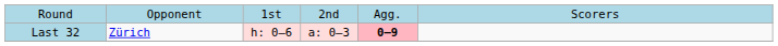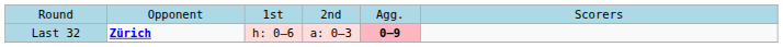 <table class="wikitable" style="text-align:center">
 <tr bgcolor=lightblue>
 <td width=150px>Round</td>
 <td width=200px>Opponent</td>
 <td width=80px>1st</td>
 <td width=80px>2nd</td>
 <td width=80px>Agg.</td>
 <td width=600px>Scorers</td>
 </tr>
 <tr>
 <td bgcolor=lightblue>Last 32</td>
-<td align=left> <a href='#'>Zürich</a></td>
+<td align=left><strong> <a href='#'>Zürich</a></strong></td>
 <td bgcolor="#ffdddd">h: 0–6</td>
 <td bgcolor="#ffdddd">a: 0–3</td>
 <td bgcolor=lightpink><strong>0–9</strong></td>
 <td align=left></td>
 </tr>
 <tr>
 </tr>
 </table>
